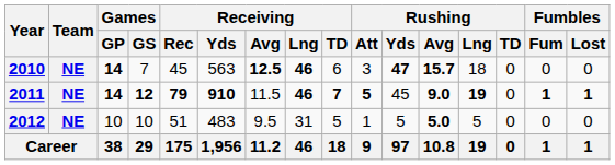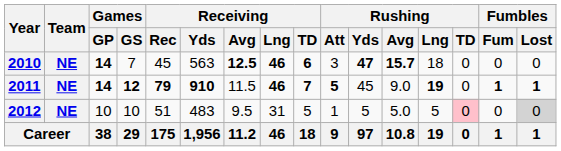 <table class="wikitable" style="text-align: center;">
 <tr>
 <th rowspan="2">Year</th>
 <th rowspan="2">Team</th>
 <th colspan="2">Games</th>
 <th colspan="5">Receiving</th>
 <th colspan="5">Rushing</th>
 <th colspan="2">Fumbles</th>
 </tr>
 <tr>
 <th>GP</th>
 <th>GS</th>
 <th>Rec</th>
 <th>Yds</th>
 <th>Avg</th>
 <th>Lng</th>
 <th>TD</th>
 <th>Att</th>
 <th>Yds</th>
 <th>Avg</th>
 <th>Lng</th>
 <th>TD</th>
 <th>Fum</th>
 <th>Lost</th>
 </tr>
 <tr>
 <th><a href='#'>2010</a></th>
 <th><a href='#'>NE</a></th>
 <td><strong>14</strong></td>
 <td>7</td>
 <td>45</td>
 <td>563</td>
 <td><strong>12.5</strong></td>
 <td><strong>46</strong></td>
-<td>6</td>
+<td><strong>6</strong></td>
 <td>3</td>
 <td><strong>47</strong></td>
 <td><strong>15.7</strong></td>
 <td>18</td>
 <td>0</td>
 <td>0</td>
 <td>0</td>
 </tr>
 <tr>
 <th><a href='#'>2011</a></th>
 <th><a href='#'>NE</a></th>
 <td><strong>14</strong></td>
 <td><strong>12</strong></td>
 <td><strong>79</strong></td>
 <td><strong>910</strong></td>
 <td>11.5</td>
 <td><strong>46</strong></td>
 <td><strong>7</strong></td>
 <td><strong>5</strong></td>
 <td>45</td>
-<td><strong>9.0</strong></td>
+<td>9.0</td>
 <td><strong>19</strong></td>
 <td>0</td>
 <td><strong>1</strong></td>
 <td><strong>1</strong></td>
 </tr>
 <tr>
 <th><a href='#'>2012</a></th>
 <th><a href='#'>NE</a></th>
 <td>10</td>
 <td>10</td>
 <td>51</td>
 <td>483</td>
 <td>9.5</td>
 <td>31</td>
 <td>5</td>
 <td>1</td>
 <td>5</td>
-<td><strong>5.0</strong></td>
+<td>5.0</td>
 <td>5</td>
+<td style="background: pink;">0</td>
 <td>0</td>
-<td>0</td>
-<td>0</td>
+<td style="background: lightgrey;">0</td>
 </tr>
 <tr>
 <th colspan="2">Career</th>
 <th>38</th>
 <th>29</th>
 <th>175</th>
 <th>1,956</th>
 <th>11.2</th>
 <th>46</th>
 <th>18</th>
 <th>9</th>
 <th>97</th>
 <th>10.8</th>
 <th>19</th>
 <th>0</th>
 <th>1</th>
 <th>1</th>
 </tr>
 </table>
